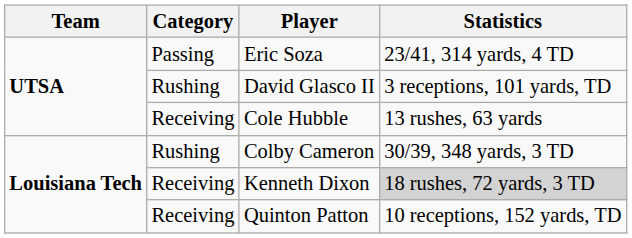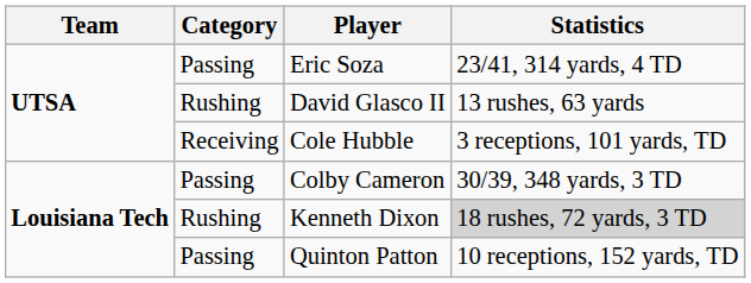 <table class="wikitable" style="float: left;">
 <tr>
 <th>Team</th>
 <th>Category</th>
 <th>Player</th>
 <th>Statistics</th>
 </tr>
 <tr>
 <td rowspan=3><strong>UTSA</strong></td>
 <td>Passing</td>
 <td>Eric Soza</td>
 <td>23/41, 314 yards, 4 TD</td>
 </tr>
 <tr>
 <td>Rushing</td>
 <td>David Glasco II</td>
-<td>3 receptions, 101 yards, TD</td>
+<td>13 rushes, 63 yards</td>
 </tr>
 <tr>
 <td>Receiving</td>
 <td>Cole Hubble</td>
-<td>13 rushes, 63 yards</td>
+<td>3 receptions, 101 yards, TD</td>
 </tr>
 <tr>
 <td rowspan=3><strong>Louisiana Tech</strong></td>
-<td>Rushing</td>
+<td>Passing</td>
 <td>Colby Cameron</td>
 <td>30/39, 348 yards, 3 TD</td>
 </tr>
 <tr>
-<td>Receiving</td>
+<td>Rushing</td>
 <td>Kenneth Dixon</td>
 <td style="background: lightgrey;">18 rushes, 72 yards, 3 TD</td>
 </tr>
 <tr>
-<td>Receiving</td>
+<td>Passing</td>
 <td>Quinton Patton</td>
 <td>10 receptions, 152 yards, TD</td>
 </tr>
 </table>
